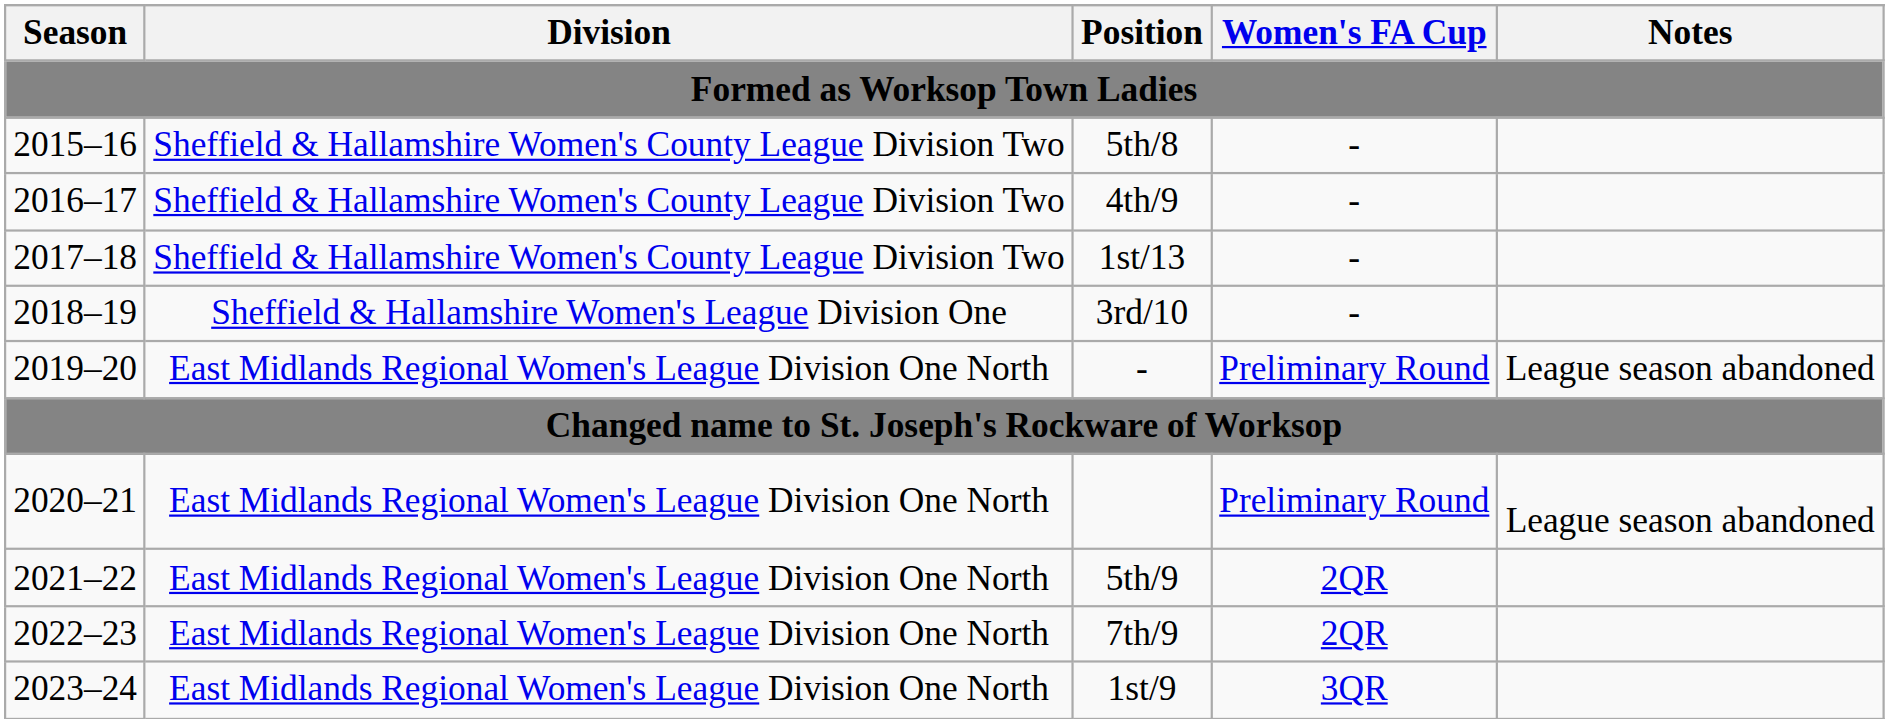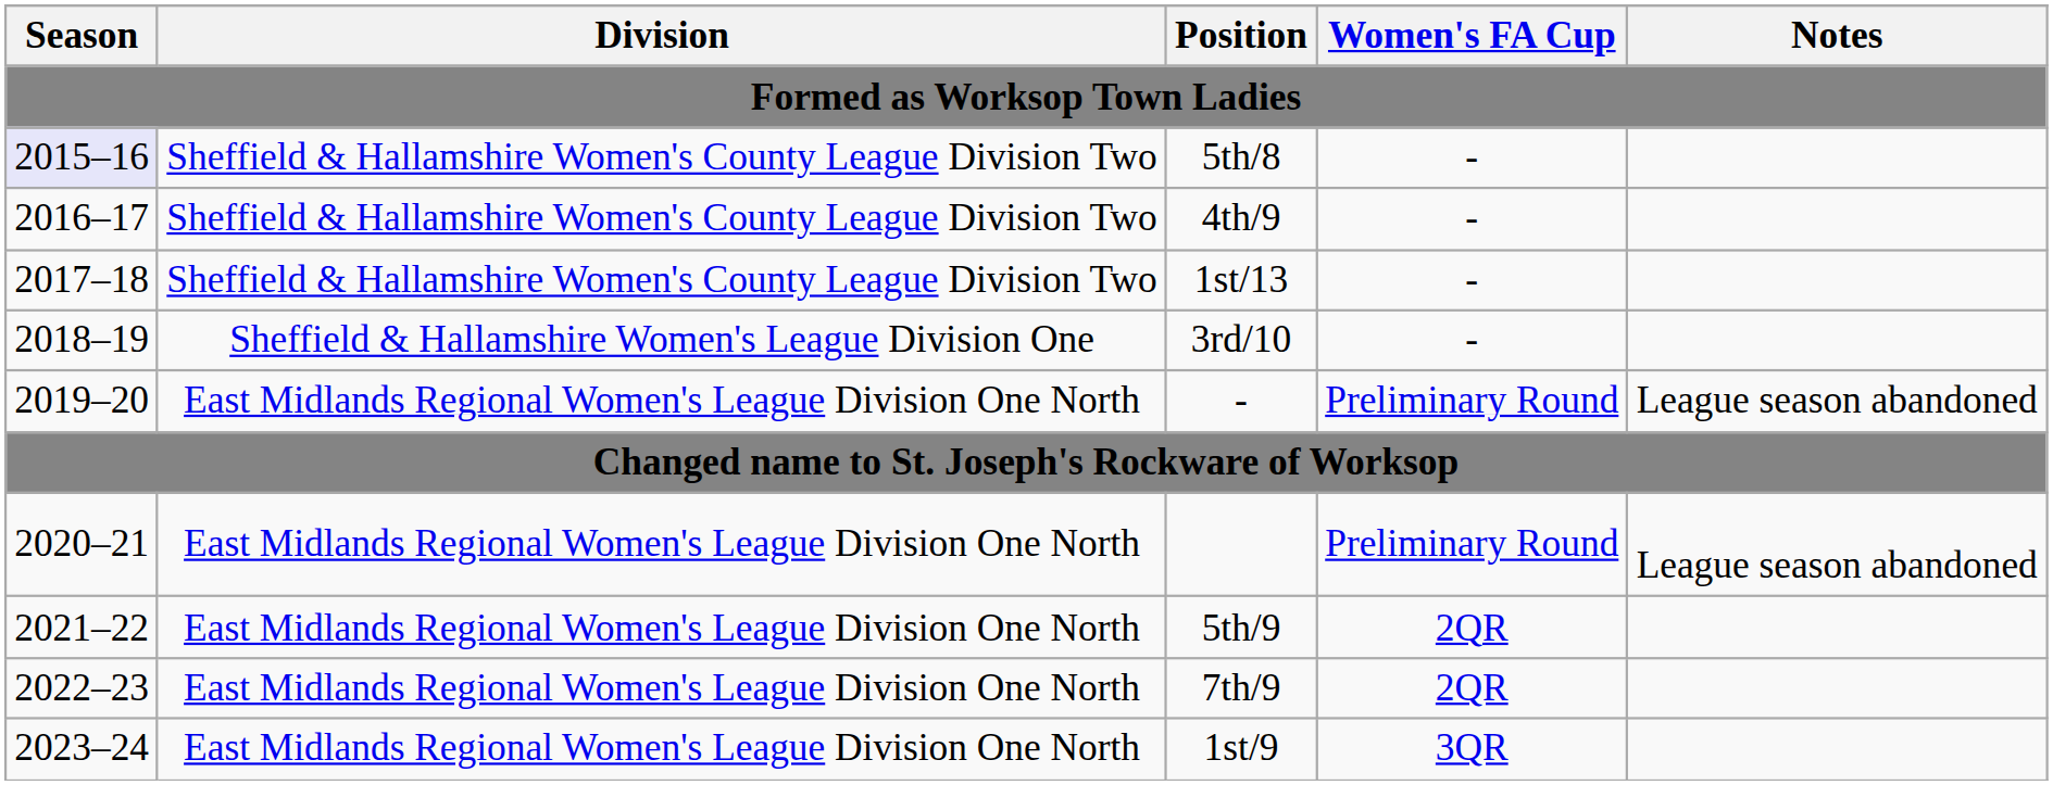 <table class="wikitable collapsible" style=" text-align:center;">
 <tr>
 </tr>
 <tr>
 <th>Season</th>
 <th>Division</th>
 <th>Position</th>
 <th><a href='#'>Women's FA Cup</a></th>
 <th>Notes</th>
 </tr>
 <tr bgcolor="#848484">
 <td colspan="8"><strong>Formed as Worksop Town Ladies</strong></td>
 </tr>
 <tr>
-<td>2015–16</td>
+<td style="background: lavender;">2015–16</td>
 <td><a href='#'>Sheffield & Hallamshire Women's County League</a> Division Two</td>
 <td>5th/8</td>
 <td>-</td>
 <td></td>
 </tr>
 <tr>
 <td>2016–17</td>
 <td><a href='#'>Sheffield & Hallamshire Women's County League</a> Division Two</td>
 <td>4th/9</td>
 <td>-</td>
 <td></td>
 </tr>
 <tr>
 <td>2017–18</td>
 <td><a href='#'>Sheffield & Hallamshire Women's County League</a> Division Two</td>
 <td>1st/13</td>
 <td>-</td>
 <td></td>
 </tr>
 <tr>
 <td>2018–19</td>
 <td><a href='#'>Sheffield & Hallamshire Women's League</a> Division One</td>
 <td>3rd/10</td>
 <td>-</td>
 <td></td>
 </tr>
 <tr>
 <td>2019–20</td>
 <td><a href='#'>East Midlands Regional Women's League</a> Division One North</td>
 <td>-</td>
 <td><a href='#'>Preliminary Round</a></td>
 <td>League season abandoned</td>
 </tr>
 <tr bgcolor="#848484">
 <td colspan="8"><strong>Changed name to St. Joseph's Rockware of Worksop</strong></td>
 </tr>
 <tr>
 <td>2020–21</td>
 <td><a href='#'>East Midlands Regional Women's League</a> Division One North</td>
 <td></td>
 <td><a href='#'>Preliminary Round</a></td>
 <td><br>League season abandoned</td>
 </tr>
 <tr>
 <td>2021–22</td>
 <td><a href='#'>East Midlands Regional Women's League</a> Division One North</td>
 <td>5th/9</td>
 <td><a href='#'>2QR</a></td>
 <td></td>
 </tr>
 <tr>
 <td>2022–23</td>
 <td><a href='#'>East Midlands Regional Women's League</a> Division One North</td>
 <td>7th/9</td>
 <td><a href='#'>2QR</a></td>
 <td></td>
 </tr>
 <tr>
 <td>2023–24</td>
 <td><a href='#'>East Midlands Regional Women's League</a> Division One North</td>
 <td>1st/9</td>
 <td><a href='#'>3QR</a></td>
 <td></td>
 </tr>
 </table>
